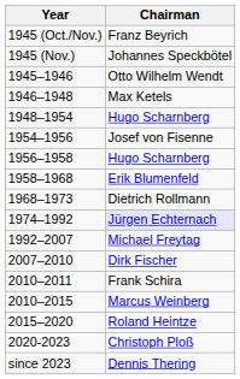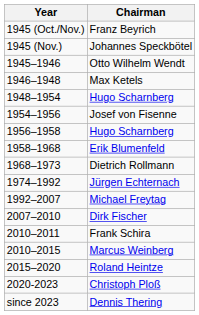 <table class="wikitable">
 <tr class="hintergrundfarbe6">
 <th>Year</th>
 <th>Chairman</th>
 </tr>
 <tr>
 <td>1945 (Oct./Nov.)</td>
 <td>Franz Beyrich</td>
 </tr>
 <tr>
 <td>1945 (Nov.)</td>
 <td>Johannes Speckbötel</td>
 </tr>
 <tr>
 <td>1945–1946</td>
 <td>Otto Wilhelm Wendt</td>
 </tr>
 <tr>
 <td>1946–1948</td>
 <td>Max Ketels</td>
 </tr>
 <tr>
 <td>1948–1954</td>
 <td><a href='#'>Hugo Scharnberg</a></td>
 </tr>
 <tr>
 <td>1954–1956</td>
 <td>Josef von Fisenne</td>
 </tr>
 <tr>
 <td>1956–1958</td>
 <td><a href='#'>Hugo Scharnberg</a></td>
 </tr>
 <tr>
 <td>1958–1968</td>
 <td><a href='#'>Erik Blumenfeld</a></td>
 </tr>
 <tr>
 <td>1968–1973</td>
 <td>Dietrich Rollmann</td>
 </tr>
 <tr>
 <td>1974–1992</td>
-<td style="background: lavender;"><a href='#'>Jürgen Echternach</a></td>
+<td><a href='#'>Jürgen Echternach</a></td>
 </tr>
 <tr>
 <td>1992–2007</td>
 <td><a href='#'>Michael Freytag</a></td>
 </tr>
 <tr>
 <td>2007–2010</td>
 <td><a href='#'>Dirk Fischer</a></td>
 </tr>
 <tr>
 <td>2010–2011</td>
 <td>Frank Schira</td>
 </tr>
 <tr>
 <td>2010–2015</td>
 <td><a href='#'>Marcus Weinberg</a></td>
 </tr>
 <tr>
 <td>2015–2020</td>
 <td><a href='#'>Roland Heintze</a></td>
 </tr>
 <tr>
 <td>2020-2023</td>
 <td><a href='#'>Christoph Ploß</a></td>
 </tr>
 <tr>
 <td>since 2023</td>
 <td><a href='#'>Dennis Thering</a></td>
 </tr>
 </table>
